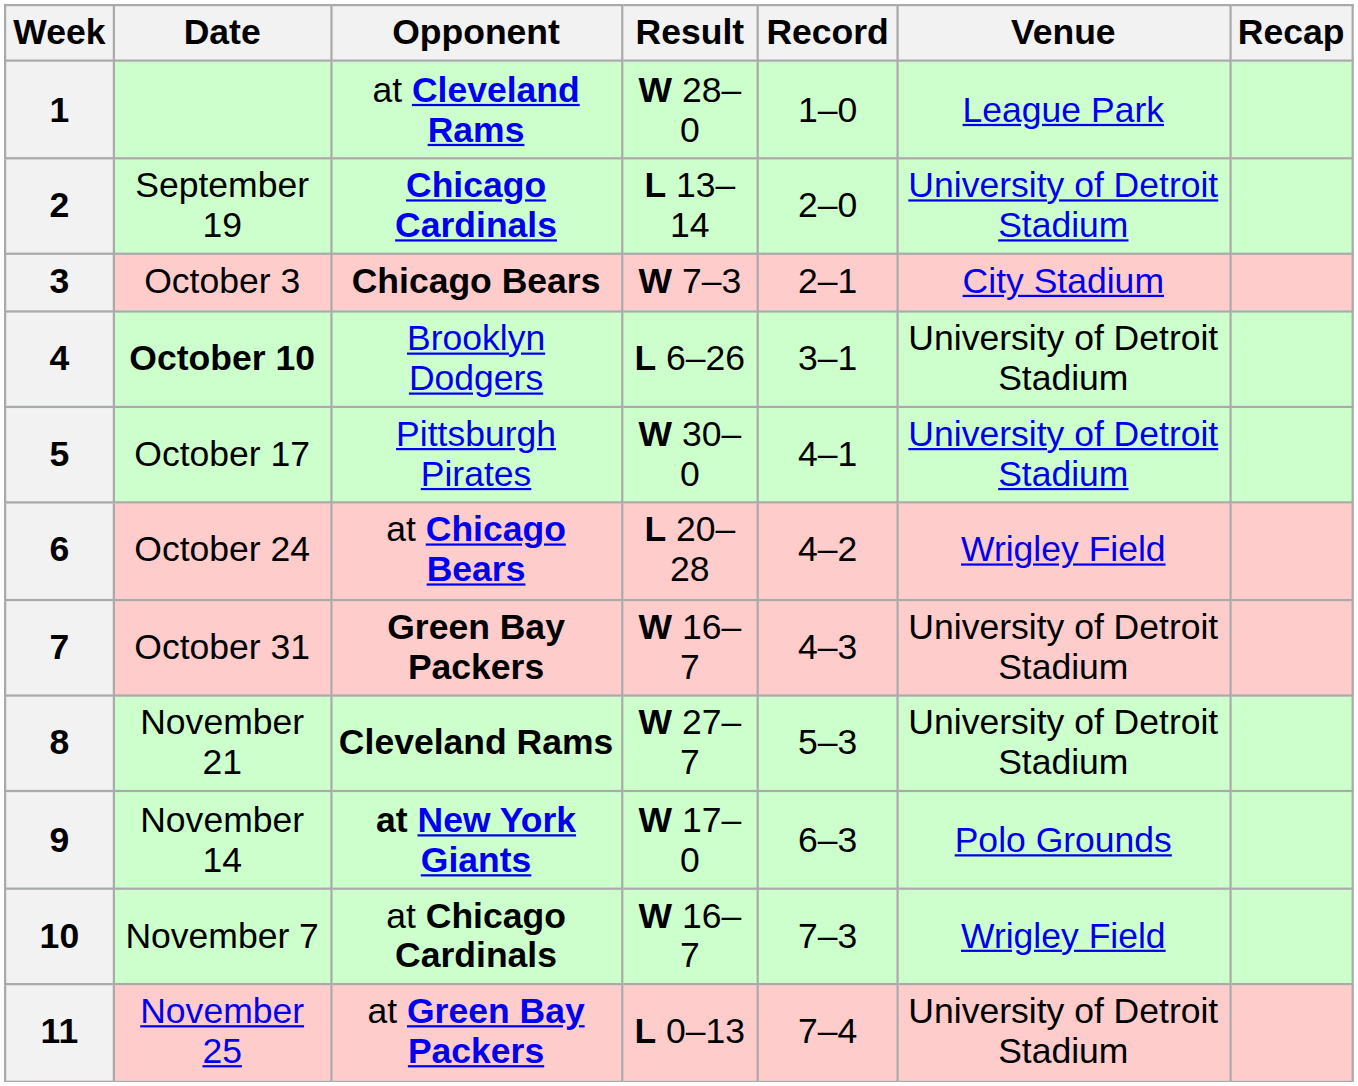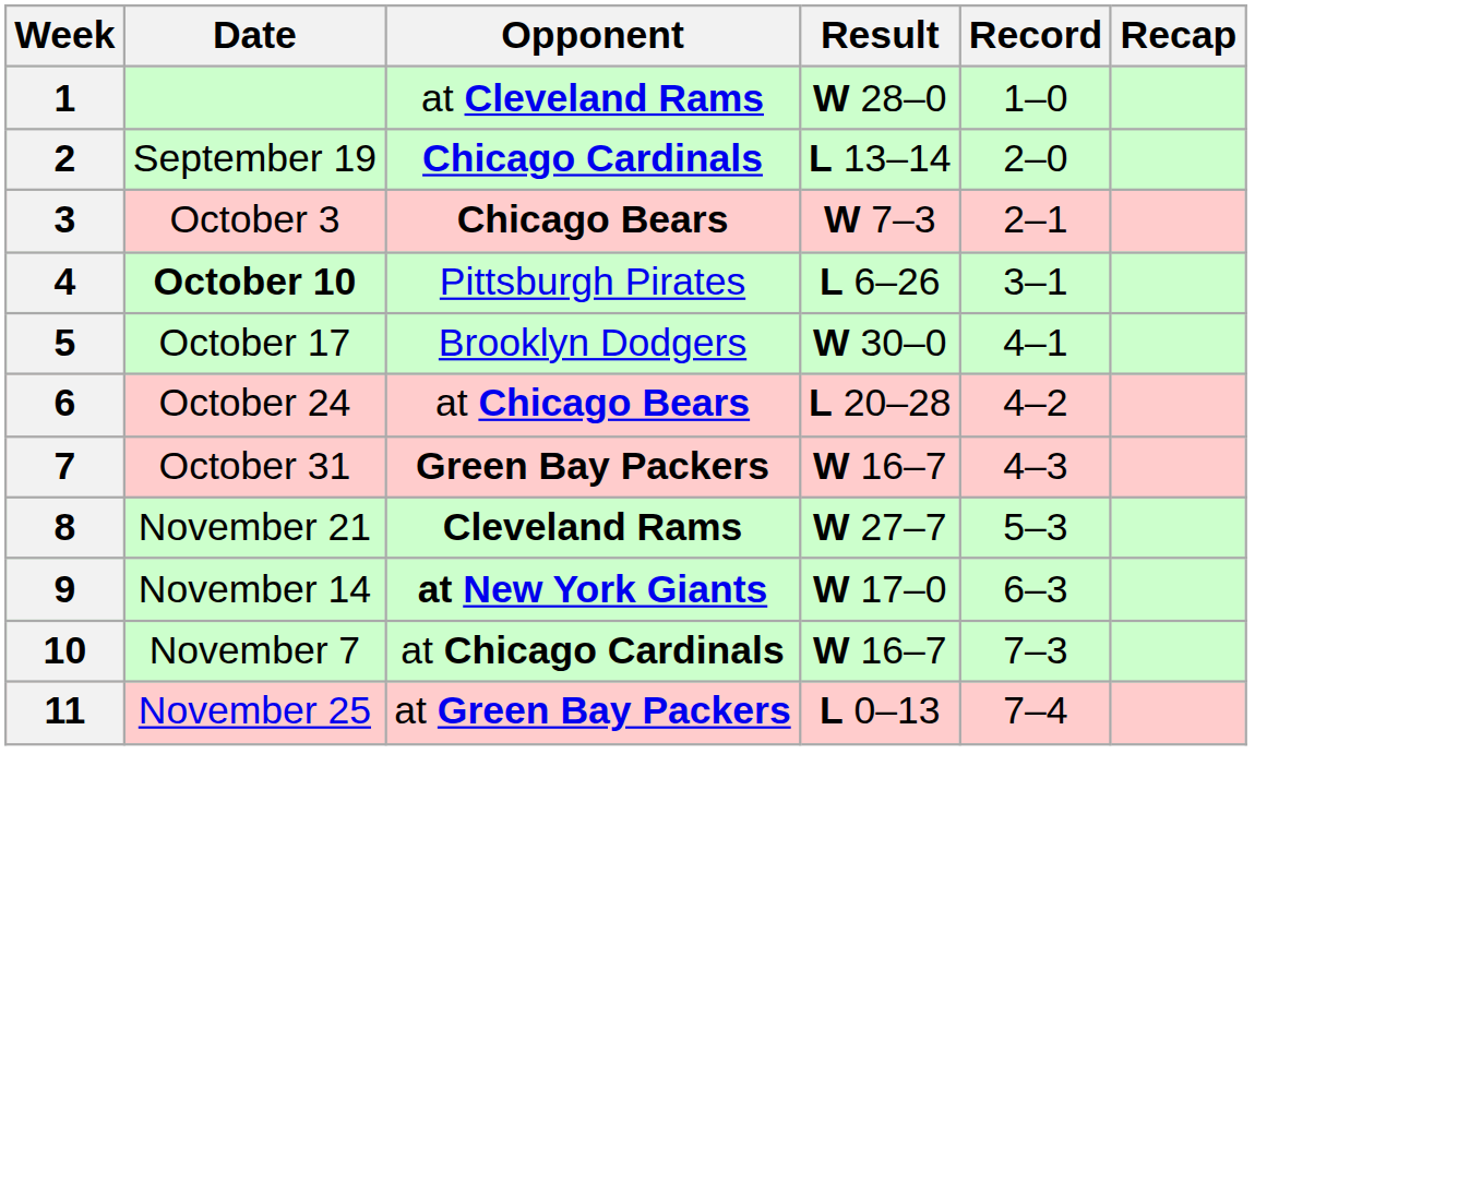 <table class="wikitable" style="text-align:center">
 <tr>
 <th>Week</th>
 <th>Date</th>
 <th>Opponent</th>
 <th>Result</th>
 <th>Record</th>
-<th>Venue</th>
 <th>Recap</th>
 </tr>
 <tr style="background:#cfc">
 <th>1</th>
 <td></td>
 <td>at <strong><a href='#'>Cleveland Rams</a></strong></td>
 <td><strong>W</strong> 28–0</td>
 <td>1–0</td>
-<td><a href='#'>League Park</a></td>
 <td></td>
 </tr>
 <tr style="background:#cfc">
 <th>2</th>
 <td>September 19</td>
 <td><strong><a href='#'>Chicago Cardinals</a></strong></td>
 <td><strong>L</strong> 13–14</td>
 <td>2–0</td>
-<td><a href='#'>University of Detroit Stadium</a></td>
 <td></td>
 </tr>
 <tr style="background:#fcc">
 <th>3</th>
 <td>October 3</td>
 <td><strong>Chicago Bears</strong></td>
 <td><strong>W</strong> 7–3</td>
 <td>2–1</td>
-<td><a href='#'>City Stadium</a></td>
 <td></td>
 </tr>
 <tr style="background:#cfc">
 <th>4</th>
 <td><strong>October 10</strong></td>
-<td><a href='#'>Brooklyn Dodgers</a></td>
+<td><a href='#'>Pittsburgh Pirates</a></td>
 <td><strong>L</strong> 6–26</td>
 <td>3–1</td>
-<td>University of Detroit Stadium</td>
 <td></td>
 </tr>
 <tr style="background:#cfc">
 <th>5</th>
 <td>October 17</td>
-<td><a href='#'>Pittsburgh Pirates</a></td>
+<td><a href='#'>Brooklyn Dodgers</a></td>
 <td><strong>W</strong> 30–0</td>
 <td>4–1</td>
-<td><a href='#'>University of Detroit Stadium</a></td>
 <td></td>
 </tr>
 <tr style="background:#fcc">
 <th>6</th>
 <td>October 24</td>
 <td>at <strong><a href='#'>Chicago Bears</a></strong></td>
 <td><strong>L</strong> 20–28</td>
 <td>4–2</td>
-<td><a href='#'>Wrigley Field</a></td>
 <td></td>
 </tr>
 <tr style="background:#fcc">
 <th>7</th>
 <td>October 31</td>
 <td><strong>Green Bay Packers</strong></td>
 <td><strong>W</strong> 16–7</td>
 <td>4–3</td>
-<td>University of Detroit Stadium</td>
 <td></td>
 </tr>
 <tr style="background:#cfc">
 <th>8</th>
 <td>November 21</td>
 <td><strong>Cleveland Rams</strong></td>
 <td><strong>W</strong> 27–7</td>
 <td>5–3</td>
-<td>University of Detroit Stadium</td>
 <td></td>
 </tr>
 <tr style="background:#cfc">
 <th>9</th>
 <td>November 14</td>
 <td><strong>at <a href='#'>New York Giants</a></strong></td>
 <td><strong>W</strong> 17–0</td>
 <td>6–3</td>
-<td><a href='#'>Polo Grounds</a></td>
 <td></td>
 </tr>
 <tr style="background:#cfc">
 <th>10</th>
 <td>November 7</td>
 <td>at <strong>Chicago Cardinals</strong></td>
 <td><strong>W</strong> 16–7</td>
 <td>7–3</td>
-<td><a href='#'>Wrigley Field</a></td>
 <td></td>
 </tr>
 <tr style="background:#fcc">
 <th>11</th>
 <td><a href='#'>November 25</a></td>
 <td>at <strong><a href='#'>Green Bay Packers</a></strong></td>
 <td><strong>L</strong> 0–13</td>
 <td>7–4</td>
-<td>University of Detroit Stadium</td>
 <td></td>
 </tr>
 </table>
